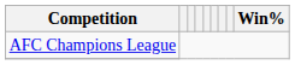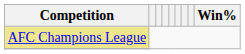 <table class="sortable wikitable" style="text-align:center;">
 <tr>
 <th>Competition</th>
 <th></th>
 <th></th>
 <th></th>
 <th></th>
 <th></th>
 <th></th>
 <th></th>
 <th>Win%</th>
 </tr>
 <tr>
-<td align=left><a href='#'>AFC Champions League</a><br></td>
+<td align=left style="background: khaki;"><a href='#'>AFC Champions League</a><br></td>
 </tr>
 <tr>
 </tr>
 </table>
